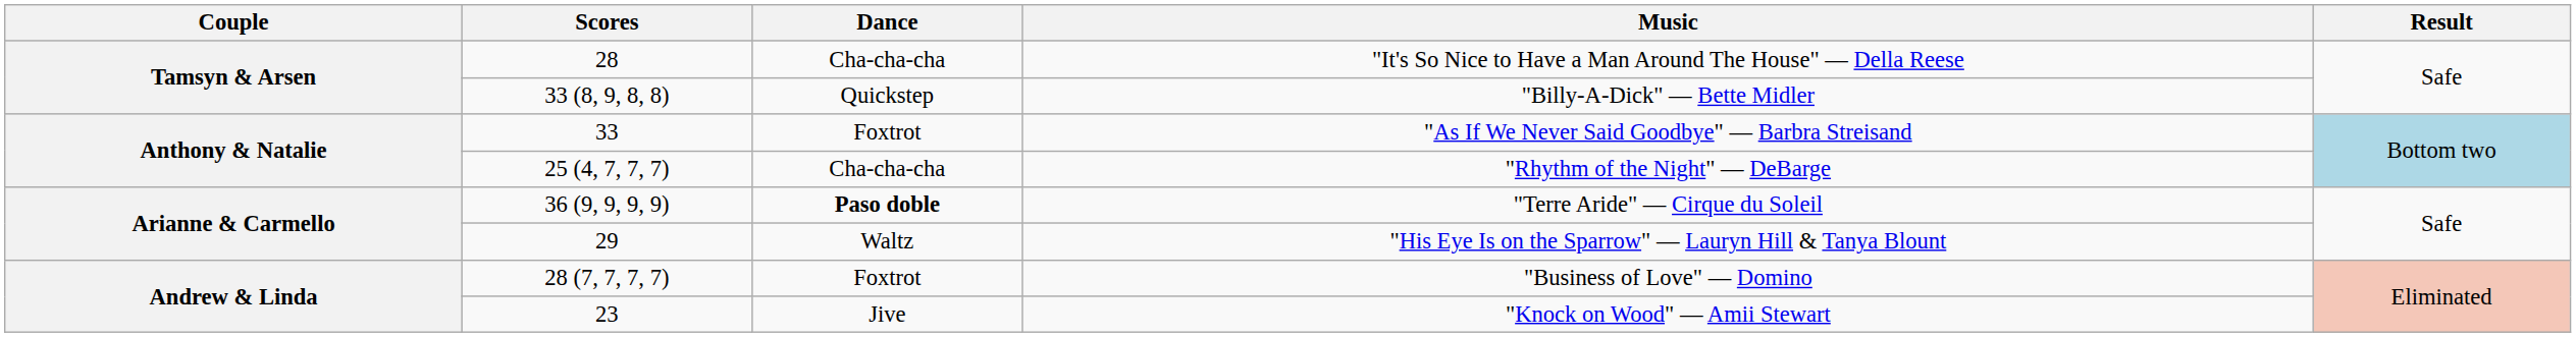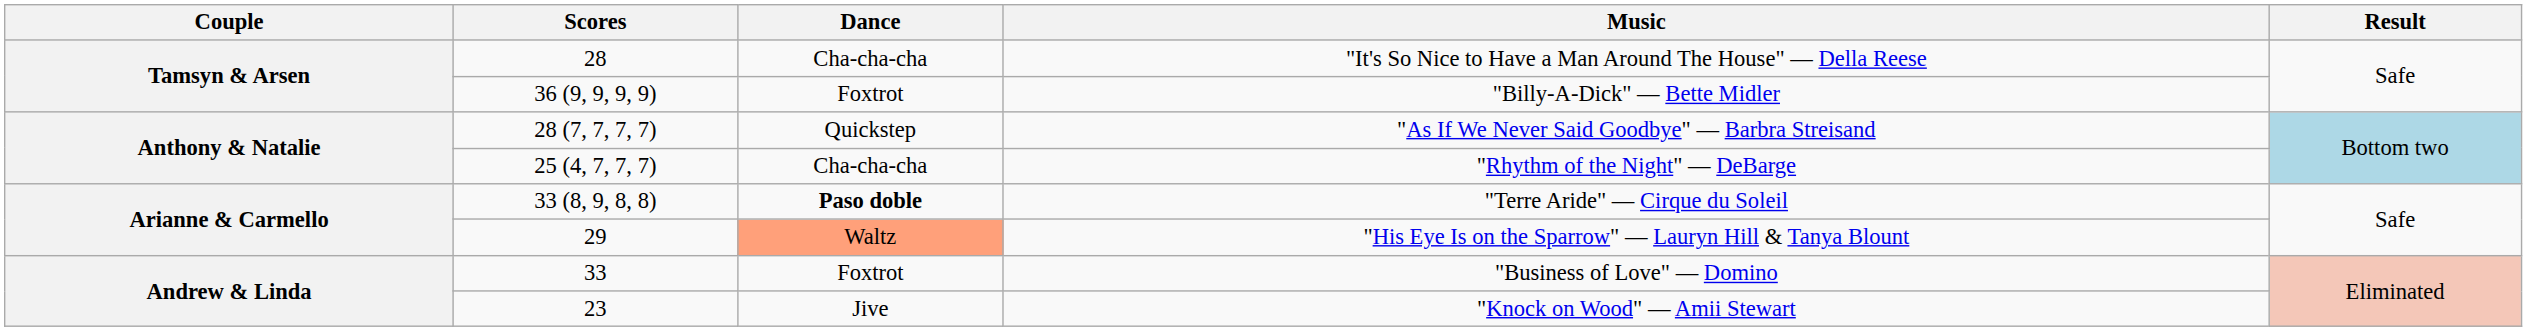 <table class="wikitable sortable" style="text-align:center; width: 90%">
 <tr>
 <th scope="col">Couple</th>
 <th scope="col">Scores</th>
 <th scope="col">Dance</th>
 <th scope="col" class="unsortable">Music</th>
 <th scope="col" class="unsortable">Result</th>
 </tr>
 <tr>
 <th scope="row" rowspan=2>Tamsyn & Arsen</th>
 <td>28</td>
 <td>Cha-cha-cha</td>
 <td>"It's So Nice to Have a Man Around The House" — <a href='#'>Della Reese</a></td>
 <td rowspan=2>Safe</td>
 </tr>
 <tr>
-<td>33 (8, 9, 8, 8)</td>
-<td>Quickstep</td>
+<td>36 (9, 9, 9, 9)</td>
+<td>Foxtrot</td>
 <td>"Billy-A-Dick" — <a href='#'>Bette Midler</a></td>
 </tr>
 <tr>
 <th scope="row" rowspan=2>Anthony & Natalie</th>
-<td>33</td>
-<td>Foxtrot</td>
+<td>28 (7, 7, 7, 7)</td>
+<td>Quickstep</td>
 <td>"<a href='#'>As If We Never Said Goodbye</a>" — <a href='#'>Barbra Streisand</a></td>
 <td rowspan=2 bgcolor="lightblue">Bottom two</td>
 </tr>
 <tr>
 <td>25 (4, 7, 7, 7)</td>
 <td>Cha-cha-cha</td>
 <td>"<a href='#'>Rhythm of the Night</a>" — <a href='#'>DeBarge</a></td>
 </tr>
 <tr>
 <th scope="row" rowspan=2>Arianne & Carmello</th>
-<td>36 (9, 9, 9, 9)</td>
+<td>33 (8, 9, 8, 8)</td>
 <td><strong>Paso doble</strong></td>
 <td>"Terre Aride" — <a href='#'>Cirque du Soleil</a></td>
 <td rowspan=2>Safe</td>
 </tr>
 <tr>
 <td>29</td>
-<td>Waltz</td>
+<td style="background: lightsalmon;">Waltz</td>
 <td>"<a href='#'>His Eye Is on the Sparrow</a>" — <a href='#'>Lauryn Hill</a> & <a href='#'>Tanya Blount</a></td>
 </tr>
 <tr>
 <th scope="row" rowspan=2>Andrew & Linda</th>
-<td>28 (7, 7, 7, 7)</td>
+<td>33</td>
 <td>Foxtrot</td>
 <td>"Business of Love" — <a href='#'>Domino</a></td>
 <td rowspan=2 bgcolor="f4c7b8">Eliminated</td>
 </tr>
 <tr>
 <td>23</td>
 <td>Jive</td>
 <td>"<a href='#'>Knock on Wood</a>" — <a href='#'>Amii Stewart</a></td>
 </tr>
 </table>
